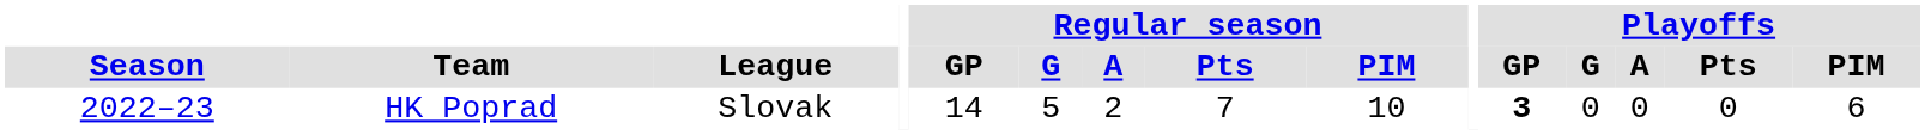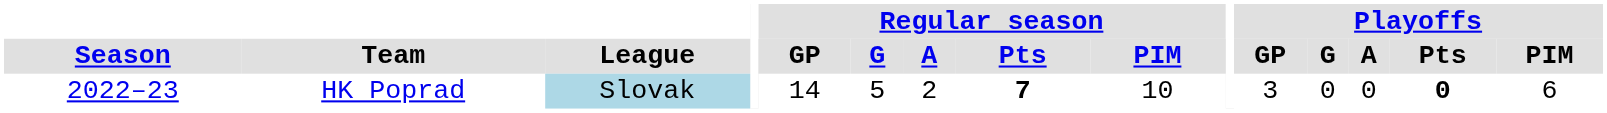 <table border="0" cellpadding="1" cellspacing="0" style="text-align:center; width:60em">
 <tr bgcolor="#e0e0e0">
 <th colspan="3" bgcolor="#ffffff"></th>
 <th rowspan="99" bgcolor="#ffffff"></th>
 <th colspan="5"><a href='#'>Regular season</a></th>
 <th rowspan="99" bgcolor="#ffffff"></th>
 <th colspan="5"><a href='#'>Playoffs</a></th>
 </tr>
 <tr bgcolor="#e0e0e0">
 <th><a href='#'>Season</a></th>
 <th>Team</th>
 <th>League</th>
 <th>GP</th>
 <th><a href='#'>G</a></th>
 <th><a href='#'>A</a></th>
 <th><a href='#'>Pts</a></th>
 <th><a href='#'>PIM</a></th>
 <th>GP</th>
 <th>G</th>
 <th>A</th>
 <th>Pts</th>
 <th>PIM</th>
 </tr>
 <tr>
 <td><a href='#'>2022–23</a></td>
 <td><a href='#'>HK Poprad</a></td>
-<td>Slovak</td>
+<td style="background: lightblue;">Slovak</td>
 <td>14</td>
 <td>5</td>
 <td>2</td>
-<td>7</td>
+<td><strong>7</strong></td>
 <td>10</td>
-<td><strong>3</strong></td>
+<td>3</td>
 <td>0</td>
 <td>0</td>
-<td>0</td>
+<td><strong>0</strong></td>
 <td>6</td>
 </tr>
 </table>
